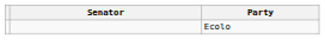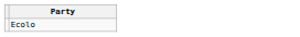 <table class="sortable wikitable" style="text-align:left; font-size:90%;">
 <tr>
 <th></th>
-<th width="250">Senator</th>
 <th width="150">Party</th>
 </tr>
 <tr>
 <td></td>
-<td></td>
 <td>Ecolo</td>
 </tr>
 </table>
